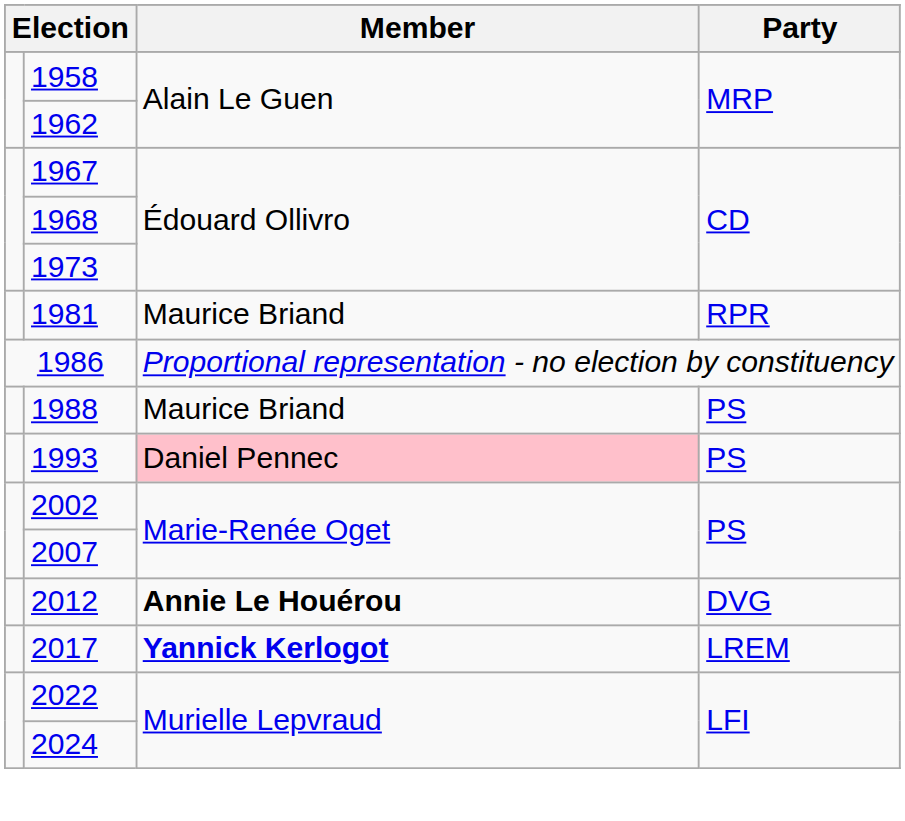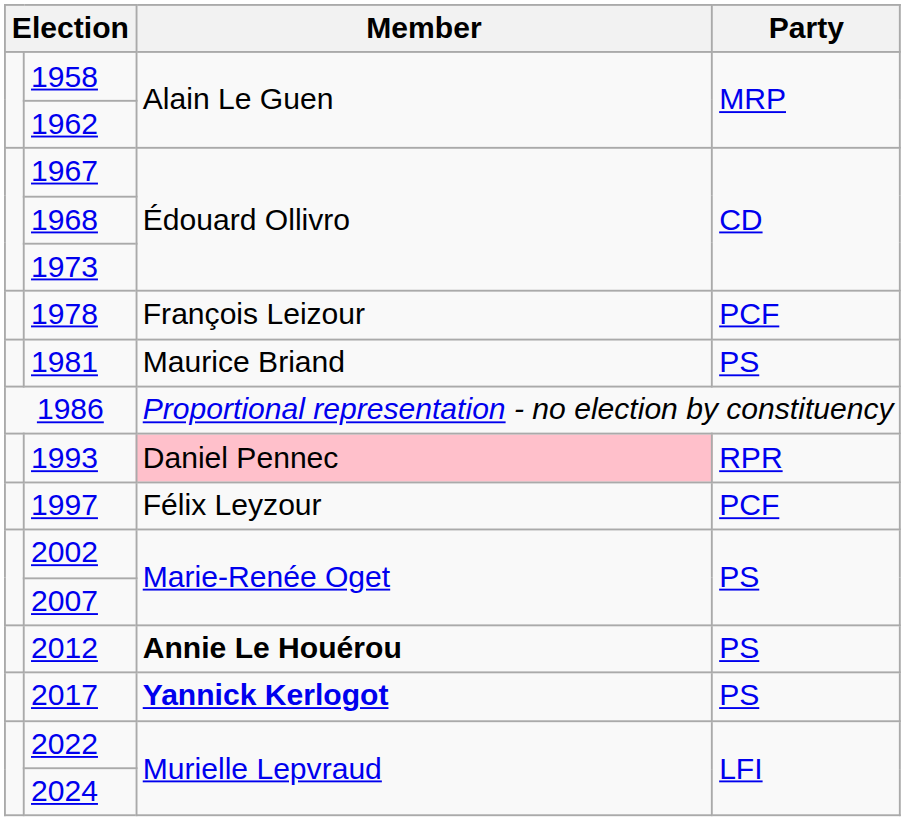 <table class="wikitable">
 <tr>
 <th colspan="2">Election</th>
 <th>Member</th>
 <th>Party</th>
 </tr>
 <tr>
 <td rowspan="2" style="color:inherit;background-color: "></td>
 <td><a href='#'>1958</a></td>
 <td rowspan="2">Alain Le Guen</td>
 <td rowspan="2"><a href='#'>MRP</a></td>
 </tr>
 <tr>
 <td><a href='#'>1962</a></td>
 </tr>
 <tr>
 <td rowspan="3" style="color:inherit;background-color: "></td>
 <td><a href='#'>1967</a></td>
 <td rowspan="3">Édouard Ollivro</td>
 <td rowspan="3"><a href='#'>CD</a></td>
 </tr>
 <tr>
 <td><a href='#'>1968</a></td>
 </tr>
 <tr>
 <td><a href='#'>1973</a></td>
 </tr>
 <tr>
 <td style="color:inherit;background-color: "></td>
+<td><a href='#'>1978</a></td>
+<td>François Leizour</td>
+<td><a href='#'>PCF</a></td>
+</tr>
+<tr>
+<td style="color:inherit;background-color: "></td>
 <td><a href='#'>1981</a></td>
 <td>Maurice Briand</td>
-<td><a href='#'>RPR</a></td>
+<td><a href='#'>PS</a></td>
 </tr>
 <tr>
 <td colspan="2" align="center"><a href='#'>1986</a></td>
 <td colspan="2"><em><a href='#'>Proportional representation</a> - no election by constituency</em></td>
 </tr>
 <tr>
 <td style="color:inherit;background-color: "></td>
-<td><a href='#'>1988</a></td>
-<td>Maurice Briand</td>
-<td><a href='#'>PS</a></td>
+<td><a href='#'>1993</a></td>
+<td style="background: pink;">Daniel Pennec</td>
+<td><a href='#'>RPR</a></td>
 </tr>
 <tr>
 <td style="color:inherit;background-color: "></td>
-<td><a href='#'>1993</a></td>
-<td style="background: pink;">Daniel Pennec</td>
-<td><a href='#'>PS</a></td>
+<td><a href='#'>1997</a></td>
+<td>Félix Leyzour</td>
+<td><a href='#'>PCF</a></td>
 </tr>
 <tr>
 <td rowspan="2" style="color:inherit;background-color: "></td>
 <td><a href='#'>2002</a></td>
 <td rowspan="2"><a href='#'>Marie-Renée Oget</a></td>
 <td rowspan="2"><a href='#'>PS</a></td>
 </tr>
 <tr>
 <td><a href='#'>2007</a></td>
 </tr>
 <tr>
 <td style="color:inherit;background-color: "></td>
 <td><a href='#'>2012</a></td>
 <td><strong>Annie Le Houérou</strong></td>
-<td><a href='#'>DVG</a></td>
+<td><a href='#'>PS</a></td>
 </tr>
 <tr>
 <td style="color:inherit;background-color: "></td>
 <td><a href='#'>2017</a></td>
 <td><strong><a href='#'>Yannick Kerlogot</a></strong></td>
-<td><a href='#'>LREM</a></td>
+<td><a href='#'>PS</a></td>
 </tr>
 <tr>
 <td rowspan="2" style="color:inherit;background-color: "></td>
 <td><a href='#'>2022</a></td>
 <td rowspan="2"><a href='#'>Murielle Lepvraud</a></td>
 <td rowspan="2"><a href='#'>LFI</a></td>
 </tr>
 <tr>
 <td><a href='#'>2024</a></td>
 </tr>
 </table>
